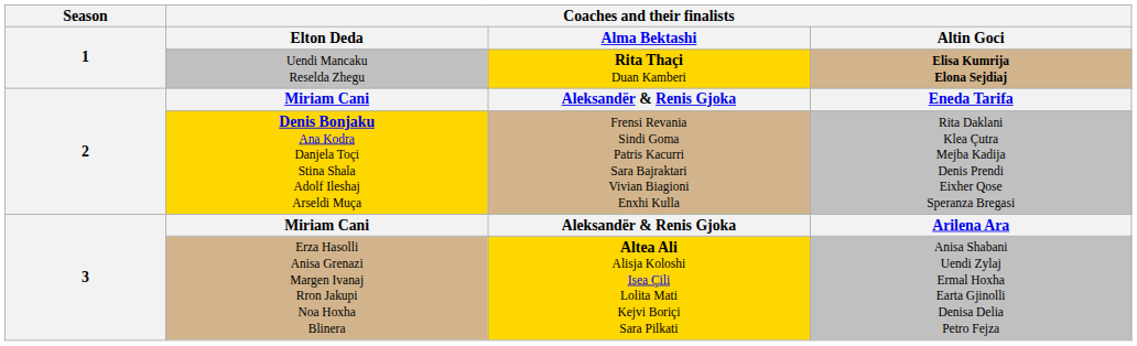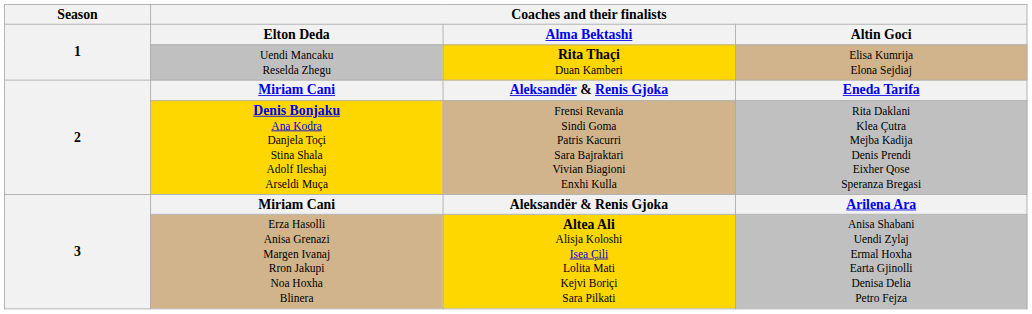 <table class="wikitable" style="text-align:center; line-height:16px; width:60%;">
 <tr>
 <th style="width:10%;">Season</th>
 <th colspan="3" style="width:50%;">Coaches and their finalists</th>
 </tr>
 <tr>
 <th rowspan="2">1</th>
 <th style="width:20%;" scope="col">Elton Deda</th>
 <th style="width:20%;" scope="col"><a href='#'>Alma Bektashi</a></th>
 <th style="width:20%;" scope="col">Altin Goci</th>
 </tr>
 <tr>
 <td style="background:silver;"><small>Uendi Mancaku<br>Reselda Zhegu</small></td>
 <td style="background:gold;"><strong>Rita Thaçi</strong><small><br>Duan Kamberi</small></td>
-<td style="background:tan;"><strong><small>Elisa Kumrija<br>Elona Sejdiaj</small></strong></td>
+<td style="background:tan;"><small>Elisa Kumrija<br>Elona Sejdiaj</small></td>
 </tr>
 <tr>
 <th rowspan="2">2</th>
 <th style="width:20%;" scope="col"><a href='#'>Miriam Cani</a></th>
 <th style="width:20%;" scope="col"><a href='#'>Aleksandër</a> & <a href='#'>Renis Gjoka</a></th>
 <th style="width:20%;" scope="col"><a href='#'>Eneda Tarifa</a></th>
 </tr>
 <tr>
 <td style="background:gold;"><strong><a href='#'>Denis Bonjaku</a></strong><small><br><a href='#'>Ana Kodra</a><br>Danjela Toçi<br>Stina Shala<br>Adolf Ileshaj<br>Arseldi Muça</small></td>
 <td style="background:tan;"><small>Frensi Revania<br>Sindi Goma<br>Patris Kacurri<br>Sara Bajraktari<br>Vivian Biagioni<br>Enxhi Kulla</small></td>
 <td style="background:silver;"><small>Rita Daklani<br>Klea Çutra<br>Mejba Kadija<br>Denis Prendi<br>Eixher Qose<br>Speranza Bregasi</small></td>
 </tr>
 <tr>
 <th rowspan="2">3</th>
 <th style="width:20%;" scope="col">Miriam Cani</th>
 <th style="width:20%;" scope="col">Aleksandër & Renis Gjoka</th>
 <th style="width:20%;" scope="col"><a href='#'>Arilena Ara</a></th>
 </tr>
 <tr>
 <td style="background:tan;"><small>Erza Hasolli<br>Anisa Grenazi<br>Margen Ivanaj<br>Rron Jakupi<br>Noa Hoxha<br>Blinera</small></td>
 <td style="background:gold;"><strong>Altea Ali</strong><br><small>Alisja Koloshi<br><a href='#'>Isea Çili</a><br>Lolita Mati<br>Kejvi Boriçi<br>Sara Pilkati</small></td>
 <td style="background:silver;"><small>Anisa Shabani<br>Uendi Zylaj<br>Ermal Hoxha<br>Earta Gjinolli<br>Denisa Delia<br>Petro Fejza</small></td>
 </tr>
 </table>
